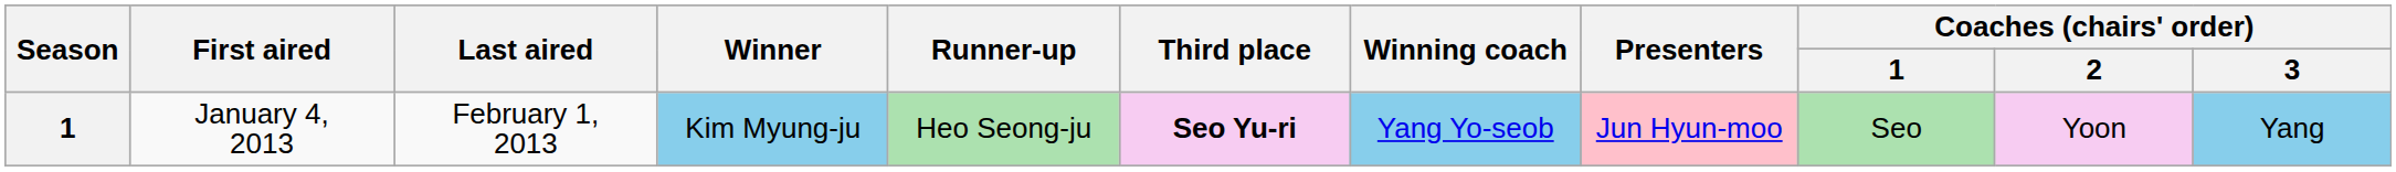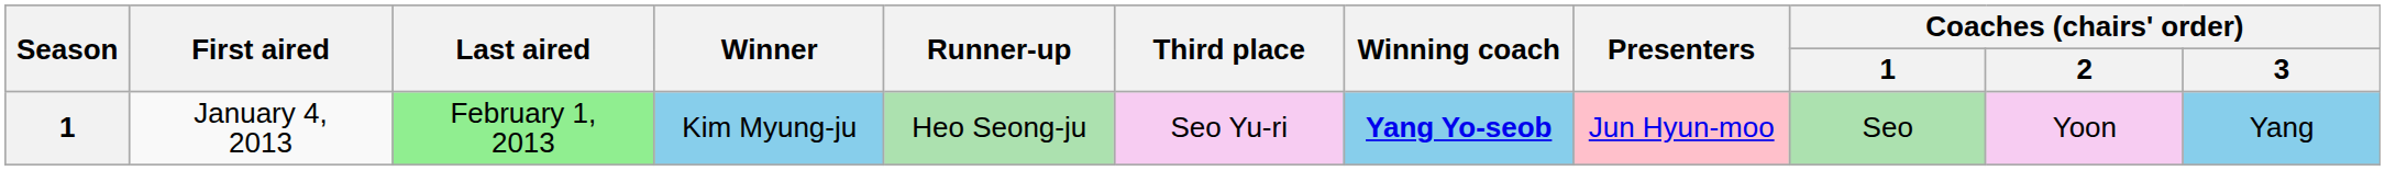 <table class="wikitable" style="text-align:center; font-size:95%; line-height:16px; width:100%">
 <tr>
 <th rowspan="2" scope="col" width="01%">Season</th>
 <th rowspan="2" scope="col" width="08%">First aired</th>
 <th rowspan="2" scope="col" width="08%">Last aired</th>
 <th rowspan="2" scope="col" width="07%">Winner</th>
 <th rowspan="2" scope="col" width="07%">Runner-up</th>
 <th rowspan="2" scope="col" width="07%">Third place</th>
 <th rowspan="2" scope="col" width="07%">Winning coach</th>
 <th rowspan="2" scope="col" width="06%">Presenters</th>
 <th colspan="3" scope="col" width="20%">Coaches (chairs' order)</th>
 </tr>
 <tr>
 <th style="width:6%">1</th>
 <th style="width:6%">2</th>
 <th style="width:6%">3</th>
 </tr>
 <tr>
 <th>1</th>
 <td>January 4, <br> 2013</td>
-<td>February 1, <br> 2013</td>
+<td style="background: lightgreen;">February 1, <br> 2013</td>
 <td style="background:#87ceeb">Kim Myung-ju</td>
 <td style="background:#ace1af">Heo Seong-ju</td>
-<td style="background:#f7ccf2"><strong>Seo Yu-ri</strong></td>
-<td style="background:#87ceeb"><a href='#'>Yang Yo-seob</a></td>
+<td style="background:#f7ccf2">Seo Yu-ri</td>
+<td style="background:#87ceeb"><strong><a href='#'>Yang Yo-seob</a></strong></td>
 <td style="background: pink;"><a href='#'>Jun Hyun-moo</a></td>
 <td style="background:#ace1af">Seo</td>
 <td style="background:#f7ccf2">Yoon</td>
 <td style="background:#87ceeb">Yang</td>
 </tr>
 </table>
